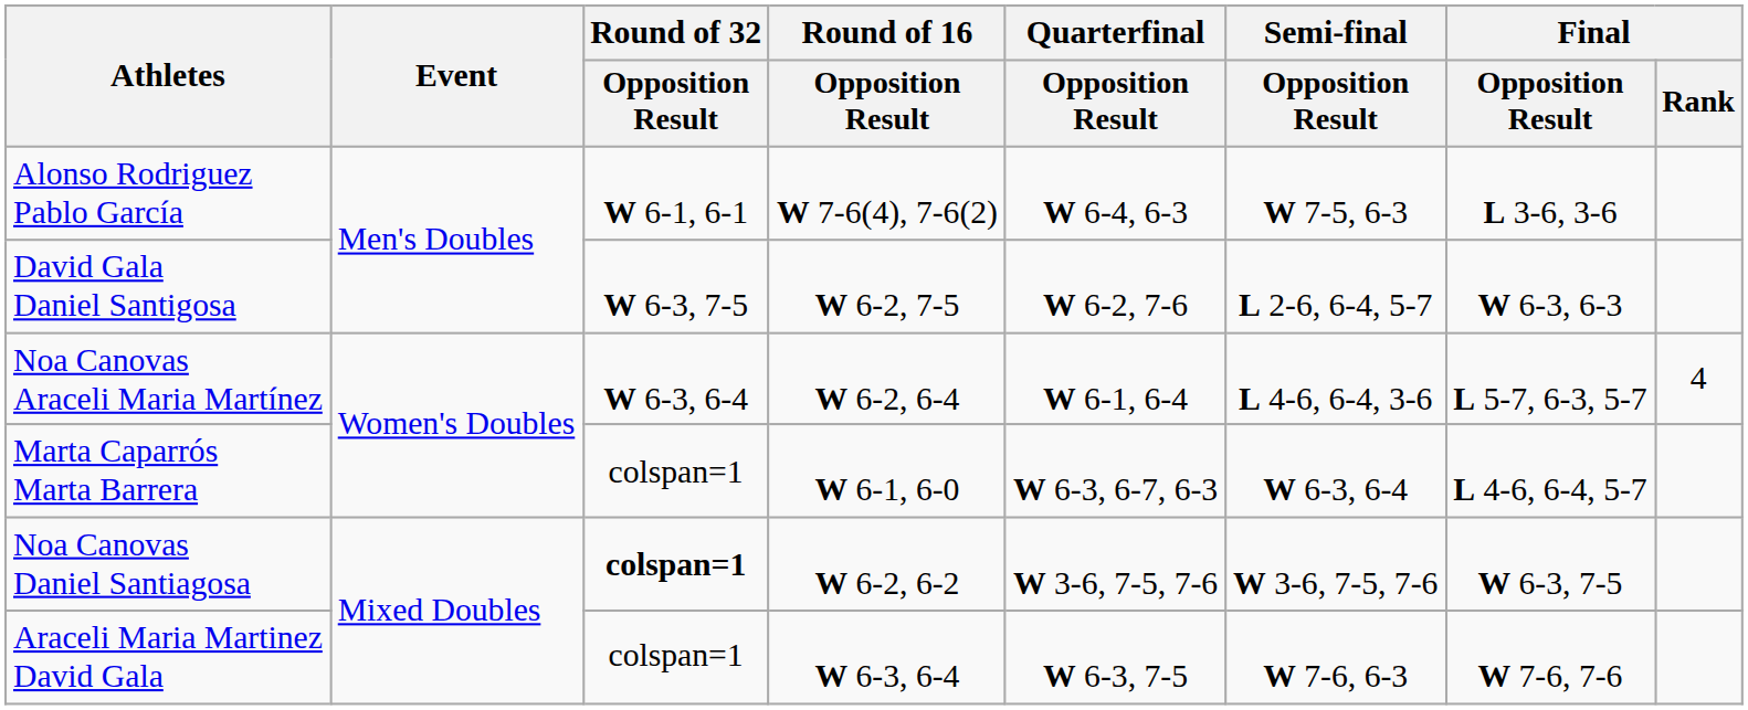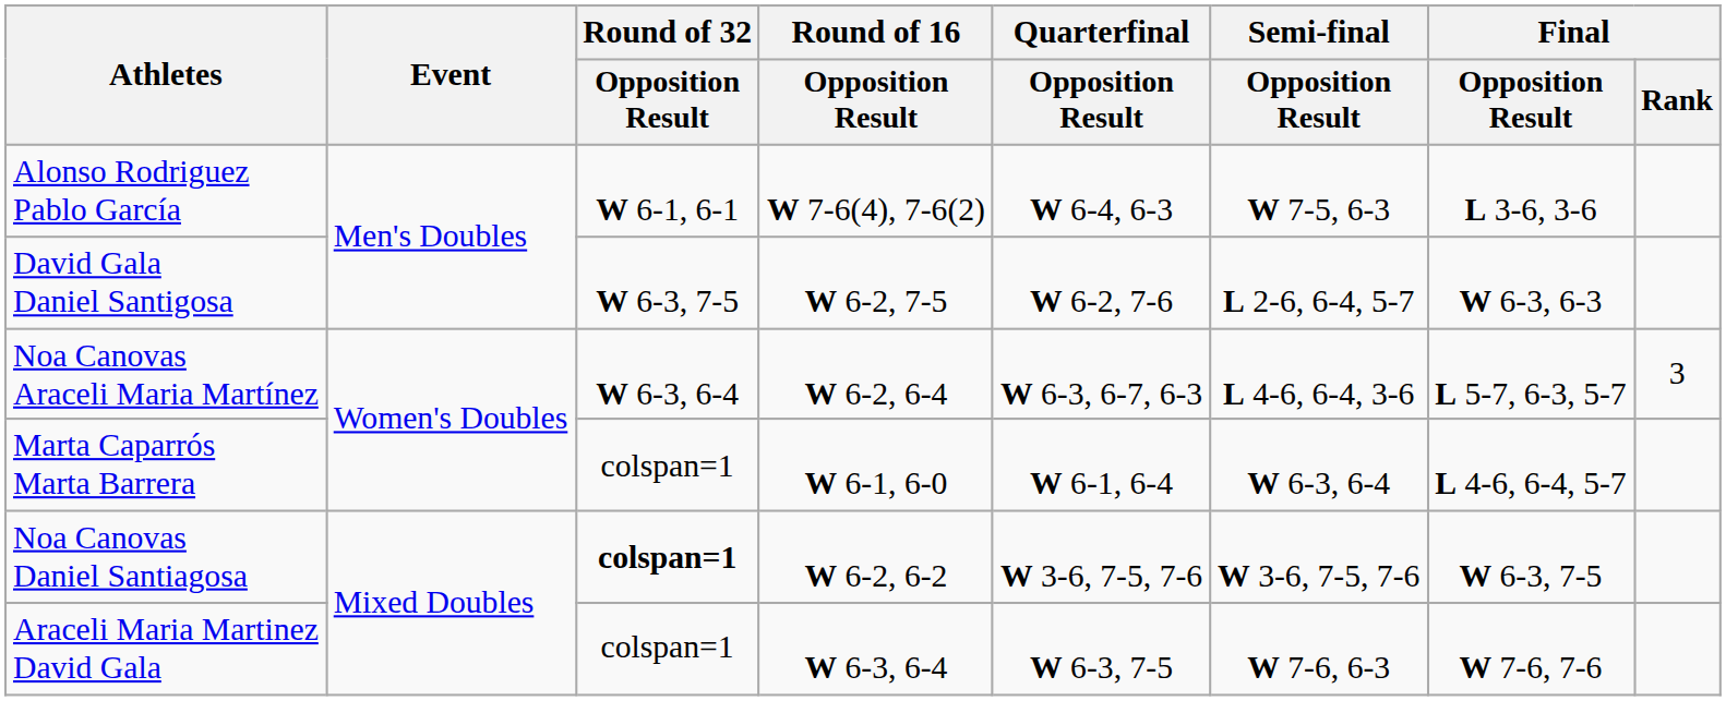 <table class=wikitable style=font-size:90%;text-align:center>
 <tr>
 <th rowspan=2>Athletes</th>
 <th rowspan=2>Event</th>
 <th>Round of 32</th>
 <th>Round of 16</th>
 <th>Quarterfinal</th>
 <th>Semi-final</th>
 <th colspan=2>Final</th>
 </tr>
 <tr style=font-size:95%>
 <th>Opposition<br>Result</th>
 <th>Opposition<br>Result</th>
 <th>Opposition<br>Result</th>
 <th>Opposition<br>Result</th>
 <th>Opposition<br>Result</th>
 <th>Rank</th>
 </tr>
 <tr>
 <td align=left><a href='#'>Alonso Rodriguez</a><br><a href='#'>Pablo García</a></td>
 <td style="text-align:left;" rowspan=2><a href='#'>Men's Doubles</a></td>
 <td><br> <strong>W</strong> 6-1, 6-1</td>
 <td><br> <strong>W</strong> 7-6(4), 7-6(2)</td>
 <td><br><strong>W</strong> 6-4, 6-3</td>
 <td><br><strong>W</strong> 7-5, 6-3</td>
 <td><br><strong>L</strong> 3-6, 3-6</td>
 <td></td>
 </tr>
 <tr>
 <td align=left><a href='#'>David Gala</a><br><a href='#'>Daniel Santigosa</a></td>
 <td><br> <strong>W</strong> 6-3, 7-5</td>
 <td><br> <strong>W</strong> 6-2, 7-5</td>
 <td><br><strong>W</strong> 6-2, 7-6</td>
 <td><br> <strong>L</strong> 2-6, 6-4, 5-7</td>
 <td><br><strong>W</strong> 6-3, 6-3</td>
 <td></td>
 </tr>
 <tr>
 <td align=left><a href='#'>Noa Canovas</a><br><a href='#'>Araceli Maria Martínez</a></td>
 <td style="text-align:left;" rowspan=2><a href='#'>Women's Doubles</a></td>
 <td><br> <strong>W</strong> 6-3, 6-4</td>
 <td><br> <strong>W</strong> 6-2, 6-4</td>
-<td><br> <strong>W</strong> 6-1, 6-4</td>
+<td><br><strong>W</strong> 6-3, 6-7, 6-3</td>
 <td><br> <strong>L</strong> 4-6, 6-4, 3-6</td>
 <td><br> <strong>L</strong> 5-7, 6-3, 5-7</td>
-<td>4</td>
+<td>3</td>
 </tr>
 <tr>
 <td align=left><a href='#'>Marta Caparrós</a><br><a href='#'>Marta Barrera</a></td>
 <td>colspan=1 </td>
 <td><br> <strong>W</strong> 6-1, 6-0</td>
-<td><br><strong>W</strong> 6-3, 6-7, 6-3</td>
+<td><br> <strong>W</strong> 6-1, 6-4</td>
 <td><br> <strong>W</strong> 6-3, 6-4</td>
 <td><br><strong>L</strong> 4-6, 6-4, 5-7</td>
 <td></td>
 </tr>
 <tr>
 <td align=left><a href='#'>Noa Canovas</a><br><a href='#'>Daniel Santiagosa</a></td>
 <td style="text-align:left;" rowspan=2><a href='#'>Mixed Doubles</a></td>
 <td><strong>colspan=1 </strong></td>
 <td><br> <strong>W</strong> 6-2, 6-2</td>
 <td><br> <strong>W</strong> 3-6, 7-5, 7-6</td>
 <td><br> <strong>W</strong> 3-6, 7-5, 7-6</td>
 <td><br> <strong>W</strong> 6-3, 7-5</td>
 <td></td>
 </tr>
 <tr>
 <td align=left><a href='#'>Araceli Maria Martinez</a><br><a href='#'>David Gala</a></td>
 <td>colspan=1 </td>
 <td><br> <strong>W</strong> 6-3, 6-4</td>
 <td><br><strong>W</strong> 6-3, 7-5</td>
 <td><br><strong>W</strong> 7-6, 6-3</td>
 <td><br> <strong>W</strong> 7-6, 7-6</td>
 <td></td>
 </tr>
 </table>
